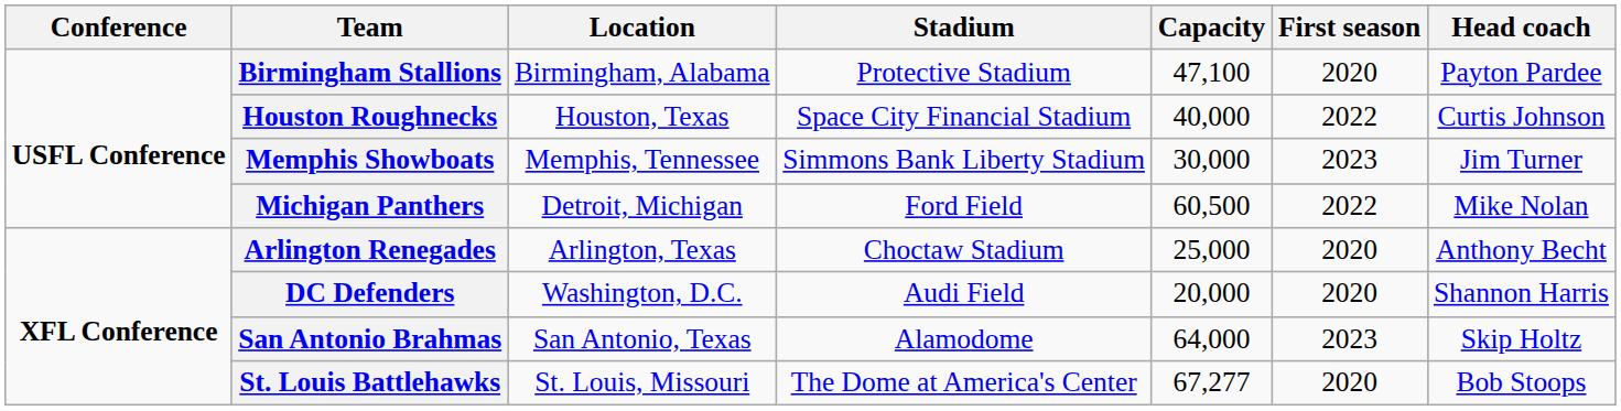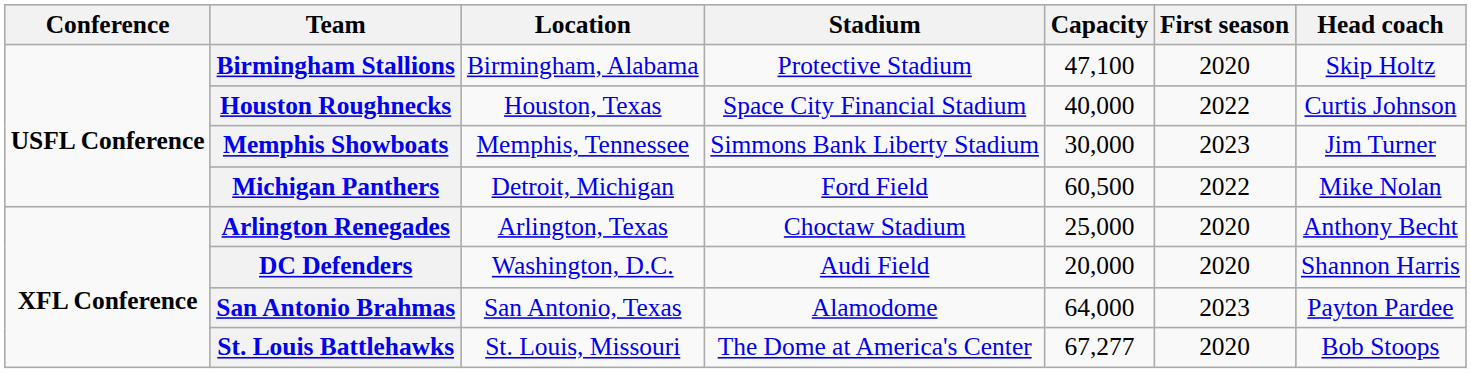 <table class="wikitable sortable plainrowheaders">
 <tr>
 <th scope="col">Conference</th>
 <th scope="col">Team</th>
 <th scope="col">Location</th>
 <th scope="col">Stadium</th>
 <th scope="col">Capacity</th>
 <th scope="col">First season</th>
 <th scope="col">Head coach</th>
 </tr>
 <tr>
 <td rowspan="4" style="text-align:center; "><br><strong>USFL Conference</strong></td>
 <th scope="row" style="text-align:center;"><a href='#'><strong>Birmingham Stallions</strong></a></th>
 <td style="text-align:center;"><a href='#'>Birmingham, Alabama</a></td>
 <td style="text-align:center;"><a href='#'>Protective Stadium</a></td>
 <td style="text-align:center;">47,100</td>
 <td style="text-align:center;">2020</td>
-<td style="text-align:center;"><a href='#'>Payton Pardee</a></td>
+<td style="text-align:center;"><a href='#'>Skip Holtz</a></td>
 </tr>
 <tr>
 <th scope="row" style="text-align:center;"><strong><a href='#'>Houston Roughnecks</a></strong></th>
 <td style="text-align:center;"><a href='#'>Houston, Texas</a></td>
 <td style="text-align:center;"><a href='#'>Space City Financial Stadium</a></td>
 <td style="text-align:center;">40,000</td>
 <td style="text-align:center;">2022</td>
 <td style="text-align:center;"><a href='#'>Curtis Johnson</a></td>
 </tr>
 <tr>
 <th scope="row" style="text-align:center;"><a href='#'><strong>Memphis Showboats</strong></a></th>
 <td style="text-align:center;"><a href='#'>Memphis, Tennessee</a></td>
 <td style="text-align:center;"><a href='#'>Simmons Bank Liberty Stadium</a></td>
 <td style="text-align:center;">30,000</td>
 <td style="text-align:center;">2023</td>
 <td style="text-align:center;"><a href='#'>Jim Turner</a></td>
 </tr>
 <tr>
 <th scope="row" style="text-align:center;"><a href='#'><strong>Michigan Panthers</strong></a></th>
 <td style="text-align:center;"><a href='#'>Detroit, Michigan</a></td>
 <td style="text-align:center;"><a href='#'>Ford Field</a></td>
 <td style="text-align:center;">60,500</td>
 <td style="text-align:center;">2022</td>
 <td style="text-align:center;"><a href='#'>Mike Nolan</a></td>
 </tr>
 <tr>
 <td rowspan="4" style="text-align:center; "><br><strong>XFL Conference</strong></td>
 <th scope="row" style="text-align:center;"><strong><a href='#'>Arlington Renegades</a></strong></th>
 <td style="text-align:center;"><a href='#'>Arlington, Texas</a></td>
 <td style="text-align:center;"><a href='#'>Choctaw Stadium</a></td>
 <td style="text-align:center;">25,000</td>
 <td style="text-align:center;">2020</td>
 <td style="text-align:center;"><a href='#'>Anthony Becht</a></td>
 </tr>
 <tr>
 <th scope="row" style="text-align:center;"><strong><a href='#'>DC Defenders</a></strong></th>
 <td style="text-align:center;"><a href='#'>Washington, D.C.</a></td>
 <td style="text-align:center;"><a href='#'>Audi Field</a></td>
 <td style="text-align:center;">20,000</td>
 <td style="text-align:center;">2020</td>
 <td style="text-align:center;"><a href='#'>Shannon Harris</a></td>
 </tr>
 <tr>
 <th scope="row" style="text-align:center;"><strong><a href='#'>San Antonio Brahmas</a></strong></th>
 <td style="text-align:center;"><a href='#'>San Antonio, Texas</a></td>
 <td style="text-align:center;"><a href='#'>Alamodome</a></td>
 <td style="text-align:center;">64,000</td>
 <td style="text-align:center;">2023</td>
-<td style="text-align:center;"><a href='#'>Skip Holtz</a></td>
+<td style="text-align:center;"><a href='#'>Payton Pardee</a></td>
 </tr>
 <tr>
 <th scope="row" style="text-align:center;"><strong><a href='#'>St. Louis Battlehawks</a></strong></th>
 <td style="text-align:center;"><a href='#'>St. Louis, Missouri</a></td>
 <td style="text-align:center;"><a href='#'>The Dome at America's Center</a></td>
 <td style="text-align:center;">67,277</td>
 <td style="text-align:center;">2020</td>
 <td style="text-align:center;"><a href='#'>Bob Stoops</a></td>
 </tr>
 </table>
